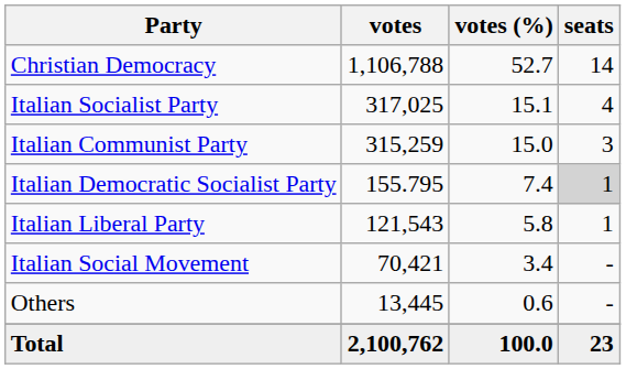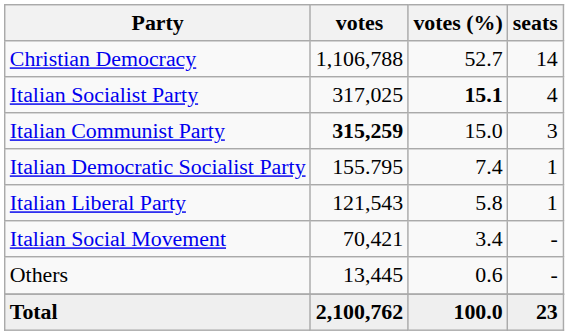 <table class="wikitable" style="font-size:95%">
 <tr bgcolor="EFEFEF">
 <th>Party</th>
 <th>votes</th>
 <th>votes (%)</th>
 <th>seats</th>
 </tr>
 <tr>
 <td><a href='#'>Christian Democracy</a></td>
 <td align=right>1,106,788</td>
 <td align=right>52.7</td>
 <td align=right>14</td>
 </tr>
 <tr>
 <td><a href='#'>Italian Socialist Party</a></td>
 <td align=right>317,025</td>
-<td align=right>15.1</td>
+<td align=right><strong>15.1</strong></td>
 <td align=right>4</td>
 </tr>
 <tr>
 <td><a href='#'>Italian Communist Party</a></td>
-<td align=right>315,259</td>
+<td align=right><strong>315,259</strong></td>
 <td align=right>15.0</td>
 <td align=right>3</td>
 </tr>
 <tr>
 <td><a href='#'>Italian Democratic Socialist Party</a></td>
 <td align=right>155.795</td>
 <td align=right>7.4</td>
-<td align=right style="background: lightgrey;">1</td>
+<td align=right>1</td>
 </tr>
 <tr>
 <td><a href='#'>Italian Liberal Party</a></td>
 <td align=right>121,543</td>
 <td align=right>5.8</td>
 <td align=right>1</td>
 </tr>
 <tr>
 <td><a href='#'>Italian Social Movement</a></td>
 <td align=right>70,421</td>
 <td align=right>3.4</td>
 <td align=right>-</td>
 </tr>
 <tr>
 <td>Others</td>
 <td align=right>13,445</td>
 <td align=right>0.6</td>
 <td align=right>-</td>
 </tr>
 <tr>
 </tr>
 <tr bgcolor="EFEFEF">
 <td><strong>Total</strong></td>
 <td align=right><strong>2,100,762</strong></td>
 <td align=right><strong>100.0</strong></td>
 <td align=right><strong>23</strong></td>
 </tr>
 </table>
